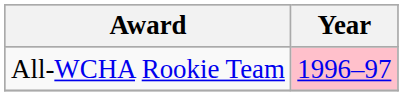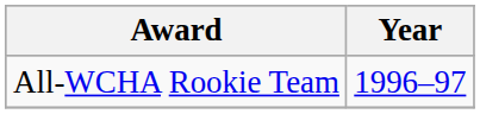 <table class="wikitable">
 <tr>
 <th>Award</th>
 <th>Year</th>
 </tr>
 <tr>
 <td>All-<a href='#'>WCHA</a> <a href='#'>Rookie Team</a></td>
-<td style="background: pink;"><a href='#'>1996–97</a></td>
+<td><a href='#'>1996–97</a></td>
 </tr>
 <tr>
 </tr>
 </table>
